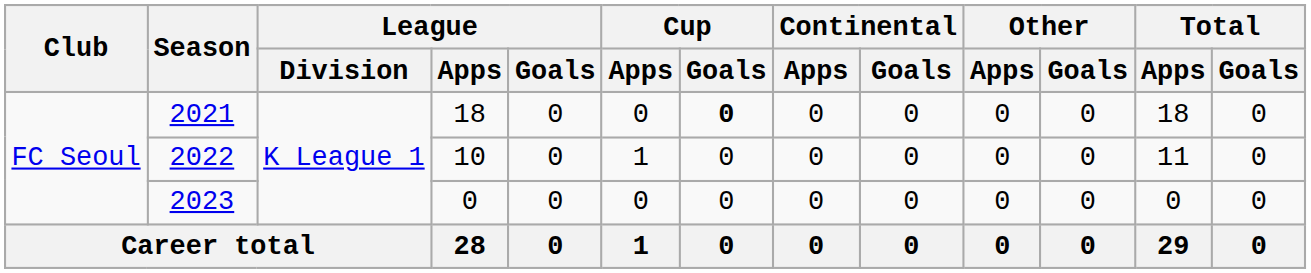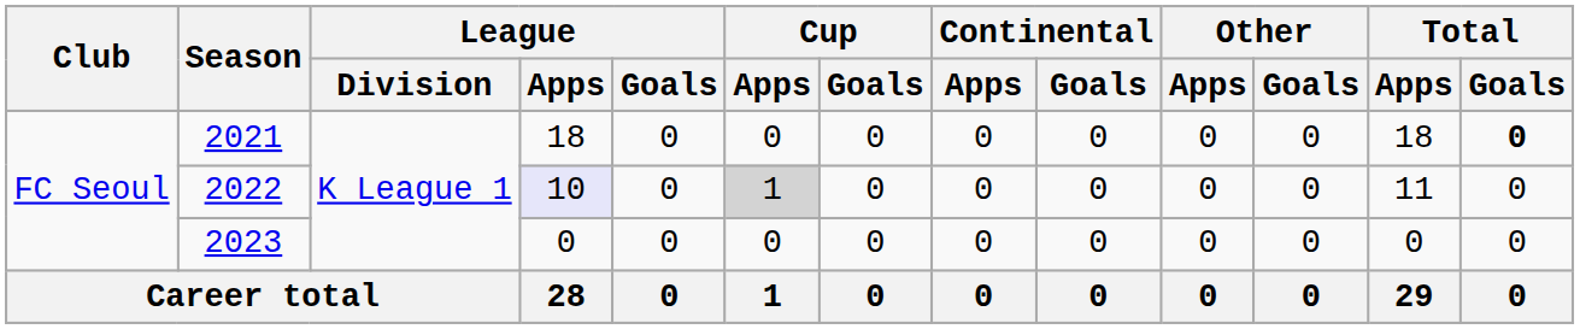 <table class="wikitable" style="text-align: center">
 <tr>
 <th rowspan="2">Club</th>
 <th rowspan="2">Season</th>
 <th colspan="3">League</th>
 <th colspan="2">Cup</th>
 <th colspan="2">Continental</th>
 <th colspan="2">Other</th>
 <th colspan="2">Total</th>
 </tr>
 <tr>
 <th>Division</th>
 <th>Apps</th>
 <th>Goals</th>
 <th>Apps</th>
 <th>Goals</th>
 <th>Apps</th>
 <th>Goals</th>
 <th>Apps</th>
 <th>Goals</th>
 <th>Apps</th>
 <th>Goals</th>
 </tr>
 <tr>
 <td rowspan="3"><a href='#'>FC Seoul</a></td>
 <td><a href='#'>2021</a></td>
 <td rowspan="3"><a href='#'>K League 1</a></td>
 <td>18</td>
 <td>0</td>
 <td>0</td>
-<td><strong>0</strong></td>
+<td>0</td>
 <td>0</td>
 <td>0</td>
 <td>0</td>
 <td>0</td>
 <td>18</td>
-<td>0</td>
+<td><strong>0</strong></td>
 </tr>
 <tr>
 <td><a href='#'>2022</a></td>
-<td>10</td>
+<td style="background: lavender;">10</td>
 <td>0</td>
-<td>1</td>
+<td style="background: lightgrey;">1</td>
 <td>0</td>
 <td>0</td>
 <td>0</td>
 <td>0</td>
 <td>0</td>
 <td>11</td>
 <td>0</td>
 </tr>
 <tr>
 <td><a href='#'>2023</a></td>
 <td>0</td>
 <td>0</td>
 <td>0</td>
 <td>0</td>
 <td>0</td>
 <td>0</td>
 <td>0</td>
 <td>0</td>
 <td>0</td>
 <td>0</td>
 </tr>
 <tr>
 <th colspan=3>Career total</th>
 <th>28</th>
 <th>0</th>
 <th>1</th>
 <th>0</th>
 <th>0</th>
 <th>0</th>
 <th>0</th>
 <th>0</th>
 <th>29</th>
 <th>0</th>
 </tr>
 </table>
